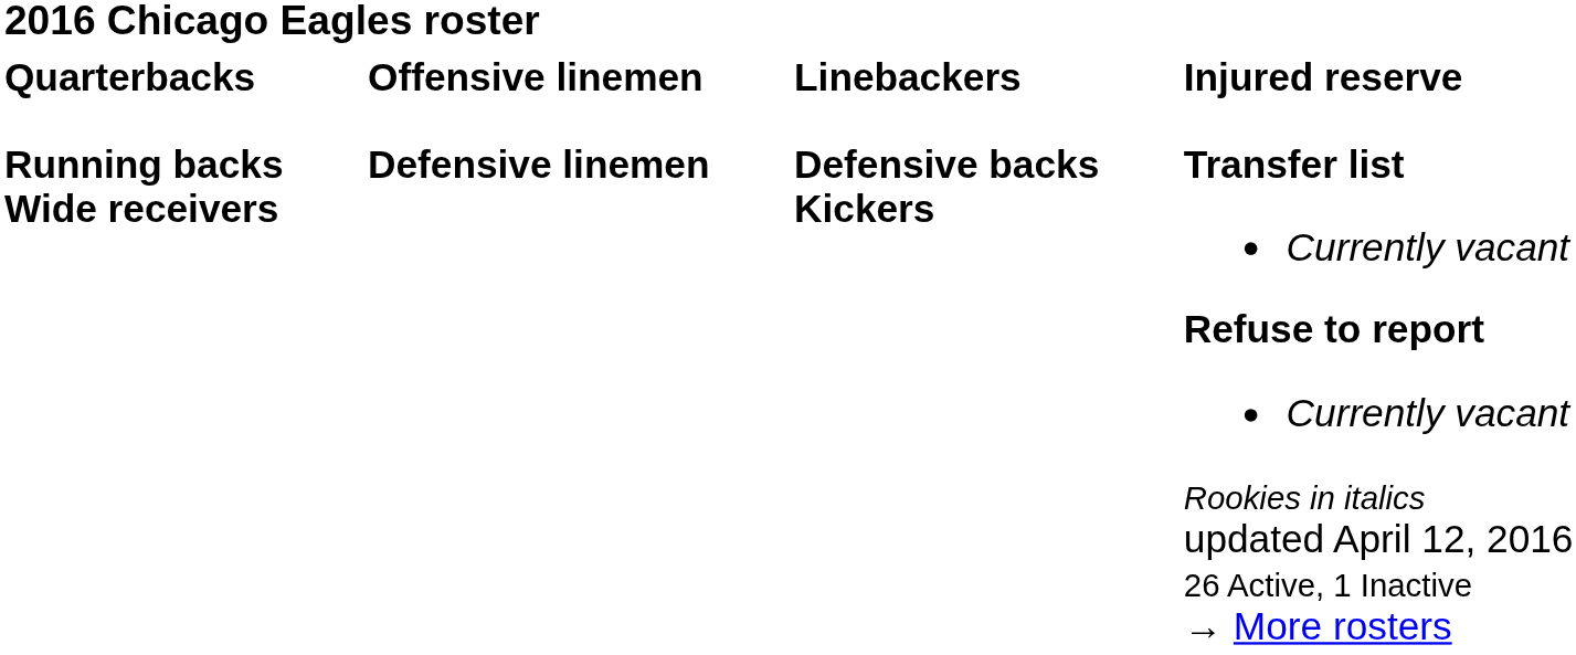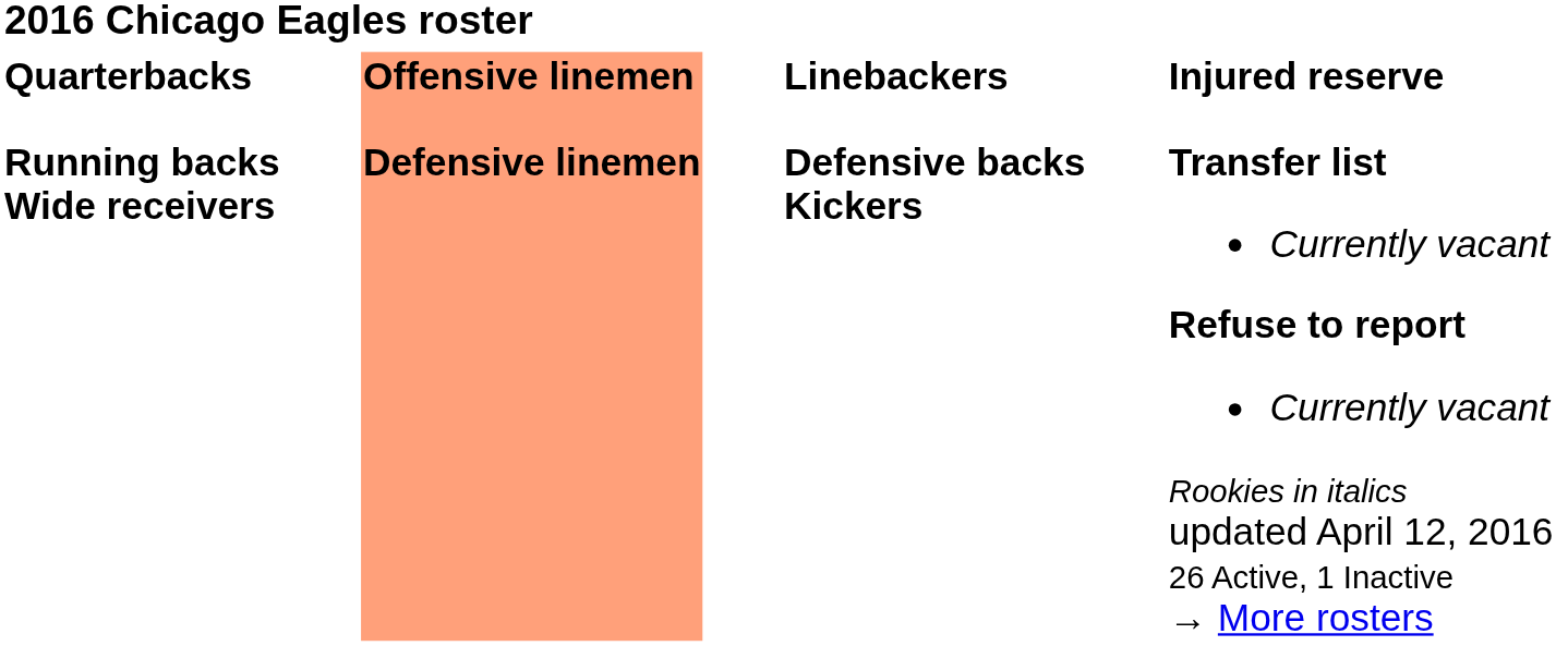 <table class="toccolours" style="text-align: left;">
 <tr>
 <th colspan=7><strong>2016 Chicago Eagles roster</strong></th>
 </tr>
 <tr>
 <td style="font-size: 95%;vertical-align:top;"><strong>Quarterbacks</strong><br><br><strong>Running backs</strong>  <br><strong>Wide receivers</strong>   </td>
 <td style="width: 25px;"></td>
-<td style="font-size: 95%;vertical-align:top;"><strong>Offensive linemen</strong><br>   <br><strong>Defensive linemen</strong>    </td>
+<td style="background: lightsalmon; font-size: 95%;vertical-align:top;"><strong>Offensive linemen</strong><br>   <br><strong>Defensive linemen</strong>    </td>
 <td style="width: 25px;"></td>
 <td style="font-size: 95%;vertical-align:top;"><strong>Linebackers</strong><br>    <br><strong>Defensive backs</strong>   <br><strong>Kickers</strong> </td>
 <td style="width: 25px;"></td>
 <td style="font-size: 95%;vertical-align:top;"><strong>Injured reserve</strong><br><br><strong>Transfer list</strong><ul><li><em>Currently vacant</em></li></ul><strong>Refuse to report</strong><ul><li><em>Currently vacant</em></li></ul><small><em>Rookies in italics</em></small><br>  updated April 12, 2016<br> <small>26 Active, 1 Inactive</small><br>→ <a href='#'>More rosters</a></td>
 </tr>
 <tr>
 </tr>
 </table>
